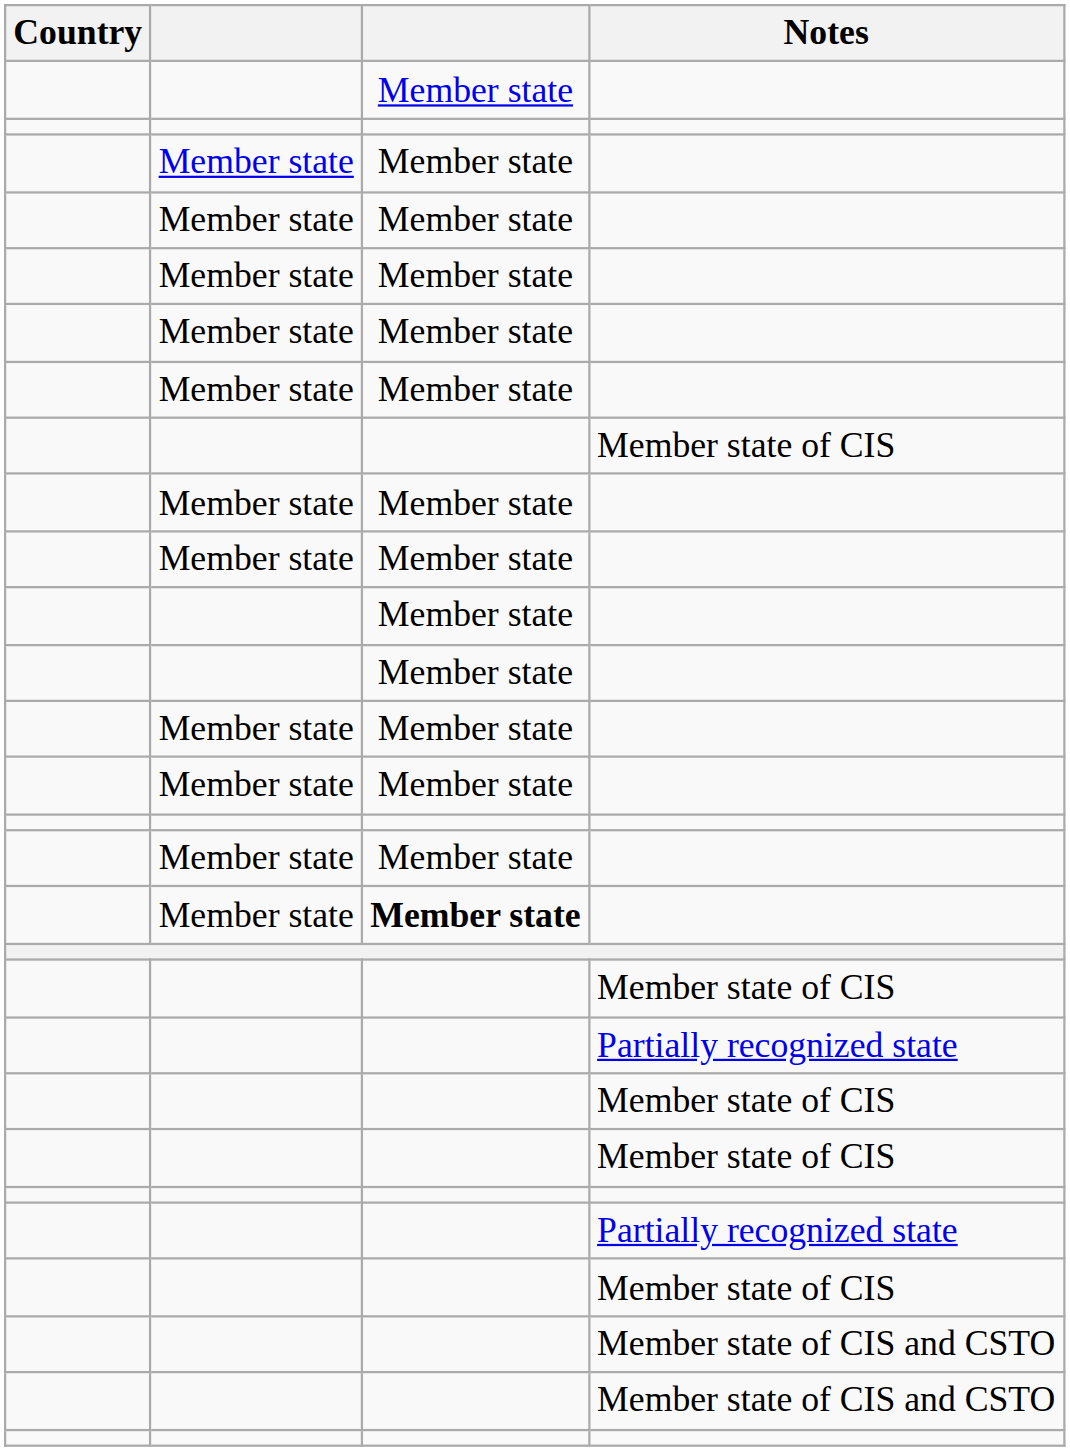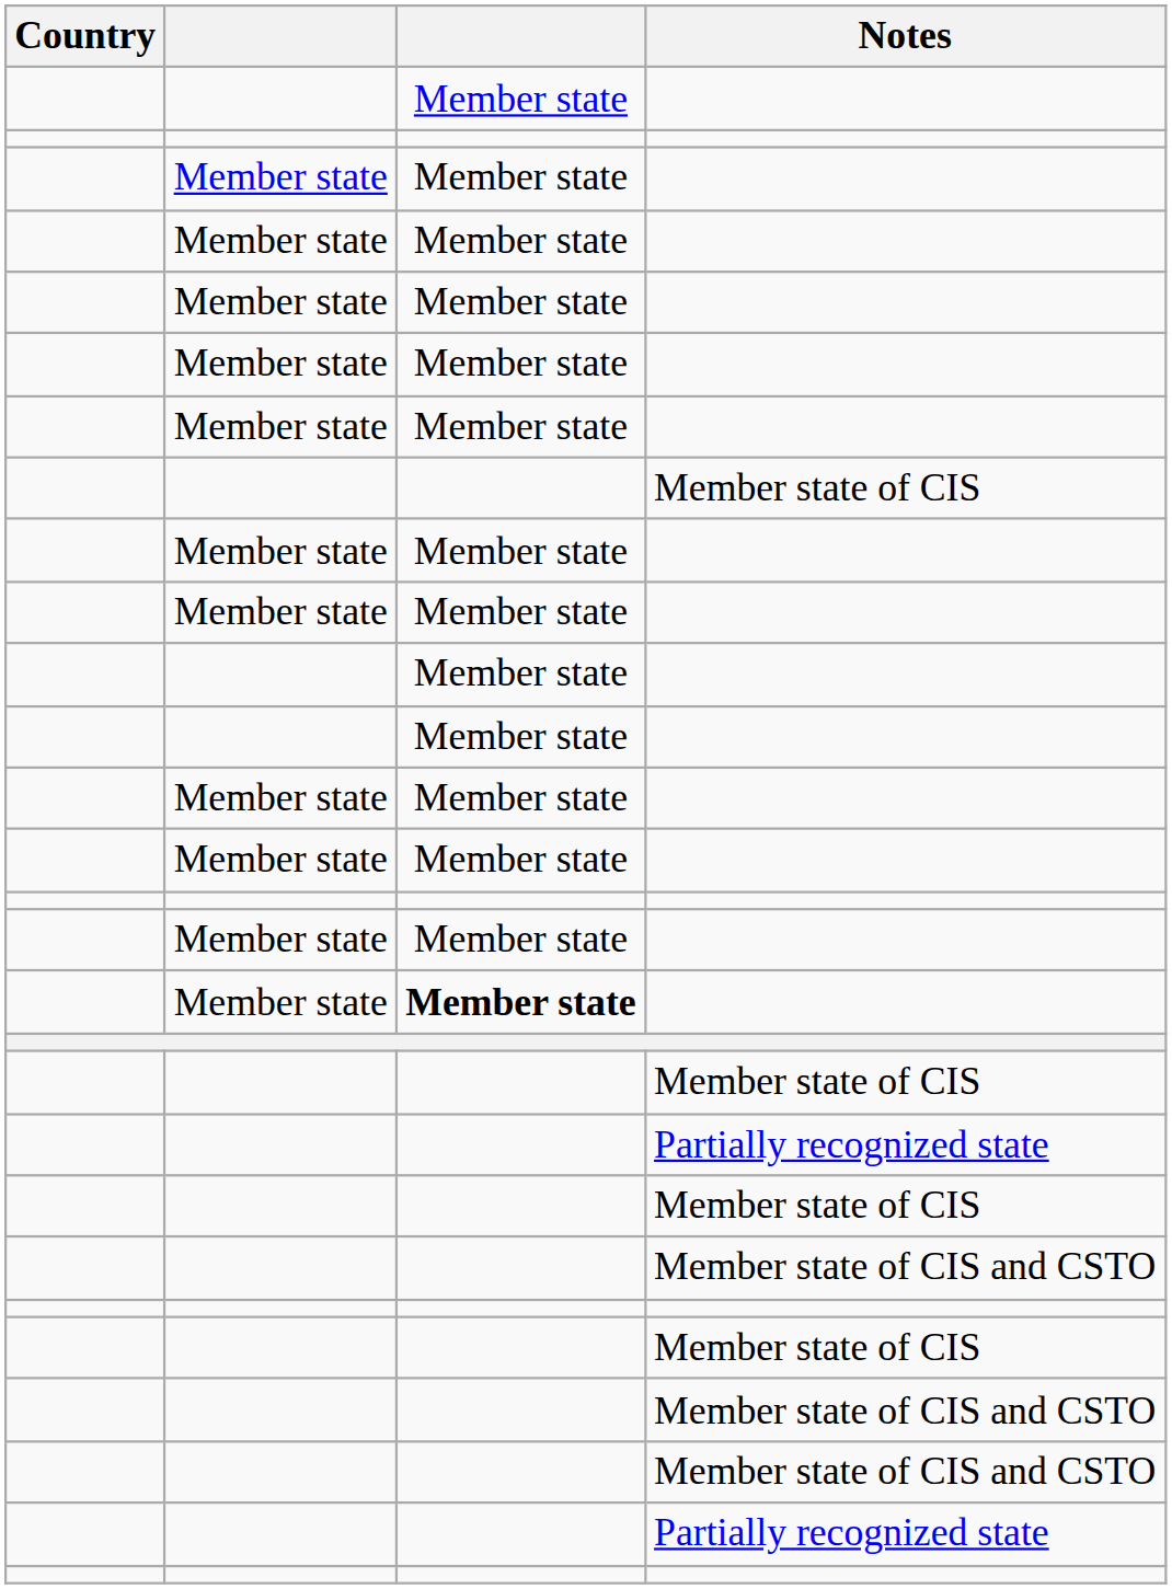 <table class=wikitable>
 <tr>
 <th>Country</th>
 <th></th>
 <th></th>
 <th>Notes</th>
 </tr>
 <tr>
 <td></td>
 <td></td>
 <td align=center><a href='#'>Member state</a></td>
 <td></td>
 </tr>
 <tr>
 <td></td>
 <td></td>
 <td></td>
 <td></td>
 </tr>
 <tr>
 <td></td>
 <td align=center><a href='#'>Member state</a></td>
 <td align=center>Member state</td>
 <td></td>
 </tr>
 <tr>
 <td></td>
 <td align=center>Member state</td>
 <td align=center>Member state</td>
 <td></td>
 </tr>
 <tr>
 <td></td>
 <td align=center>Member state</td>
 <td align=center>Member state</td>
 <td></td>
 </tr>
 <tr>
 <td></td>
 <td align=center>Member state</td>
 <td align=center>Member state</td>
 <td></td>
 </tr>
 <tr>
 <td></td>
 <td align=center>Member state</td>
 <td align=center>Member state</td>
 <td></td>
 </tr>
 <tr>
 <td><em></em></td>
 <td></td>
 <td></td>
 <td>Member state of CIS</td>
 </tr>
 <tr>
 <td></td>
 <td align=center>Member state</td>
 <td align=center>Member state</td>
 <td></td>
 </tr>
 <tr>
 <td></td>
 <td align=center>Member state</td>
 <td align=center>Member state</td>
 <td></td>
 </tr>
 <tr>
 <td></td>
 <td></td>
 <td align=center>Member state</td>
 <td></td>
 </tr>
 <tr>
 <td></td>
 <td></td>
 <td align=center>Member state</td>
 <td></td>
 </tr>
 <tr>
 <td></td>
 <td align=center>Member state</td>
 <td align=center>Member state</td>
 <td></td>
 </tr>
 <tr>
 <td></td>
 <td align=center>Member state</td>
 <td align=center>Member state</td>
 <td></td>
 </tr>
 <tr>
 <td></td>
 <td></td>
 <td></td>
 <td></td>
 </tr>
 <tr>
 <td></td>
 <td align=center>Member state</td>
 <td align=center>Member state</td>
 <td></td>
 </tr>
 <tr>
 <td></td>
 <td align=center>Member state</td>
 <td align=center><strong>Member state</strong></td>
 <td></td>
 </tr>
 <tr>
 <th colspan=5></th>
 </tr>
 <tr>
 <td><em></em></td>
 <td></td>
 <td></td>
 <td>Member state of CIS</td>
 </tr>
 <tr>
 <td></td>
 <td></td>
 <td></td>
 <td><a href='#'>Partially recognized state</a></td>
 </tr>
 <tr>
 <td></td>
 <td></td>
 <td></td>
 <td>Member state of CIS</td>
 </tr>
 <tr>
 <td></td>
 <td></td>
 <td></td>
-<td>Member state of CIS</td>
+<td>Member state of CIS and CSTO</td>
 </tr>
 <tr>
 <td></td>
 <td></td>
 <td></td>
 <td></td>
 </tr>
 <tr>
 <td></td>
 <td></td>
 <td></td>
-<td><a href='#'>Partially recognized state</a></td>
+<td>Member state of CIS</td>
 </tr>
 <tr>
 <td></td>
 <td></td>
 <td></td>
-<td>Member state of CIS</td>
+<td>Member state of CIS and CSTO</td>
 </tr>
 <tr>
 <td><em></em></td>
 <td></td>
 <td></td>
 <td>Member state of CIS and CSTO</td>
 </tr>
 <tr>
 <td><em></em></td>
 <td></td>
 <td></td>
-<td>Member state of CIS and CSTO</td>
+<td><a href='#'>Partially recognized state</a></td>
 </tr>
 <tr>
 <td></td>
 <td></td>
 <td></td>
 <td></td>
 </tr>
 </table>
